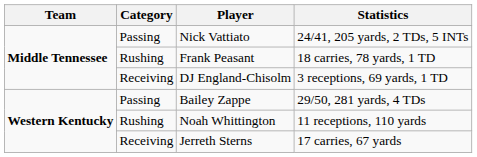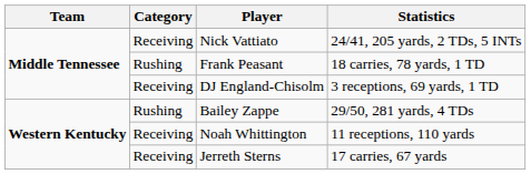 <table class="wikitable" style="float: left;">
 <tr>
 <th>Team</th>
 <th>Category</th>
 <th>Player</th>
 <th>Statistics</th>
 </tr>
 <tr>
 <td rowspan=3><strong>Middle Tennessee</strong></td>
-<td>Passing</td>
+<td>Receiving</td>
 <td>Nick Vattiato</td>
 <td>24/41, 205 yards, 2 TDs, 5 INTs</td>
 </tr>
 <tr>
 <td>Rushing</td>
 <td>Frank Peasant</td>
 <td>18 carries, 78 yards, 1 TD</td>
 </tr>
 <tr>
 <td>Receiving</td>
 <td>DJ England-Chisolm</td>
 <td>3 receptions, 69 yards, 1 TD</td>
 </tr>
 <tr>
 <td rowspan=3><strong>Western Kentucky</strong></td>
-<td>Passing</td>
+<td>Rushing</td>
 <td>Bailey Zappe</td>
 <td>29/50, 281 yards, 4 TDs</td>
 </tr>
 <tr>
-<td>Rushing</td>
+<td>Receiving</td>
 <td>Noah Whittington</td>
 <td>11 receptions, 110 yards</td>
 </tr>
 <tr>
 <td>Receiving</td>
 <td>Jerreth Sterns</td>
 <td>17 carries, 67 yards</td>
 </tr>
 </table>
